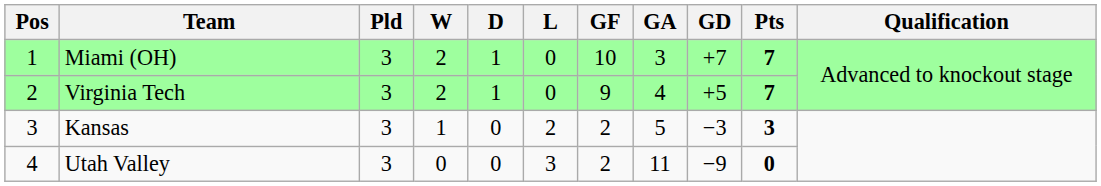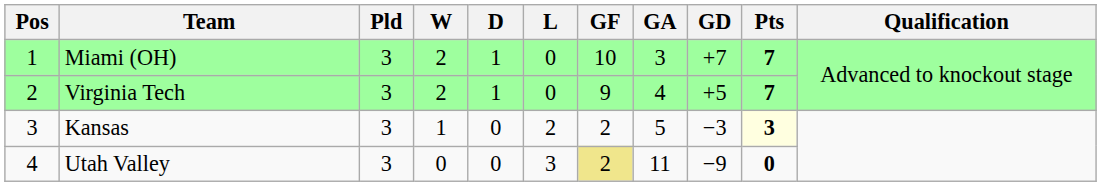 <table class="wikitable" style="text-align:center; margin: 1em auto">
 <tr>
 <th style=width:2em>Pos</th>
 <th style=width:13em>Team</th>
 <th style=width:2em>Pld</th>
 <th style=width:2em>W</th>
 <th style=width:2em>D</th>
 <th style=width:2em>L</th>
 <th style=width:2em>GF</th>
 <th style=width:2em>GA</th>
 <th style=width:2em>GD</th>
 <th style=width:2em>Pts</th>
 <th style=width:13em>Qualification</th>
 </tr>
 <tr bgcolor="#9eff9e">
 <td>1</td>
 <td style="text-align:left">Miami (OH)</td>
 <td>3</td>
 <td>2</td>
 <td>1</td>
 <td>0</td>
 <td>10</td>
 <td>3</td>
 <td>+7</td>
 <td><strong>7</strong></td>
 <td rowspan="2">Advanced to knockout stage</td>
 </tr>
 <tr bgcolor="#9eff9e">
 <td>2</td>
 <td style="text-align:left">Virginia Tech</td>
 <td>3</td>
 <td>2</td>
 <td>1</td>
 <td>0</td>
 <td>9</td>
 <td>4</td>
 <td>+5</td>
 <td><strong>7</strong></td>
 </tr>
 <tr>
 <td>3</td>
 <td style="text-align:left">Kansas</td>
 <td>3</td>
 <td>1</td>
 <td>0</td>
 <td>2</td>
 <td>2</td>
 <td>5</td>
 <td>−3</td>
-<td><strong>3</strong></td>
+<td style="background: lightyellow;"><strong>3</strong></td>
 <td rowspan="2"></td>
 </tr>
 <tr>
 <td>4</td>
 <td style="text-align:left">Utah Valley</td>
 <td>3</td>
 <td>0</td>
 <td>0</td>
 <td>3</td>
-<td>2</td>
+<td style="background: khaki;">2</td>
 <td>11</td>
 <td>−9</td>
 <td><strong>0</strong></td>
 </tr>
 </table>
